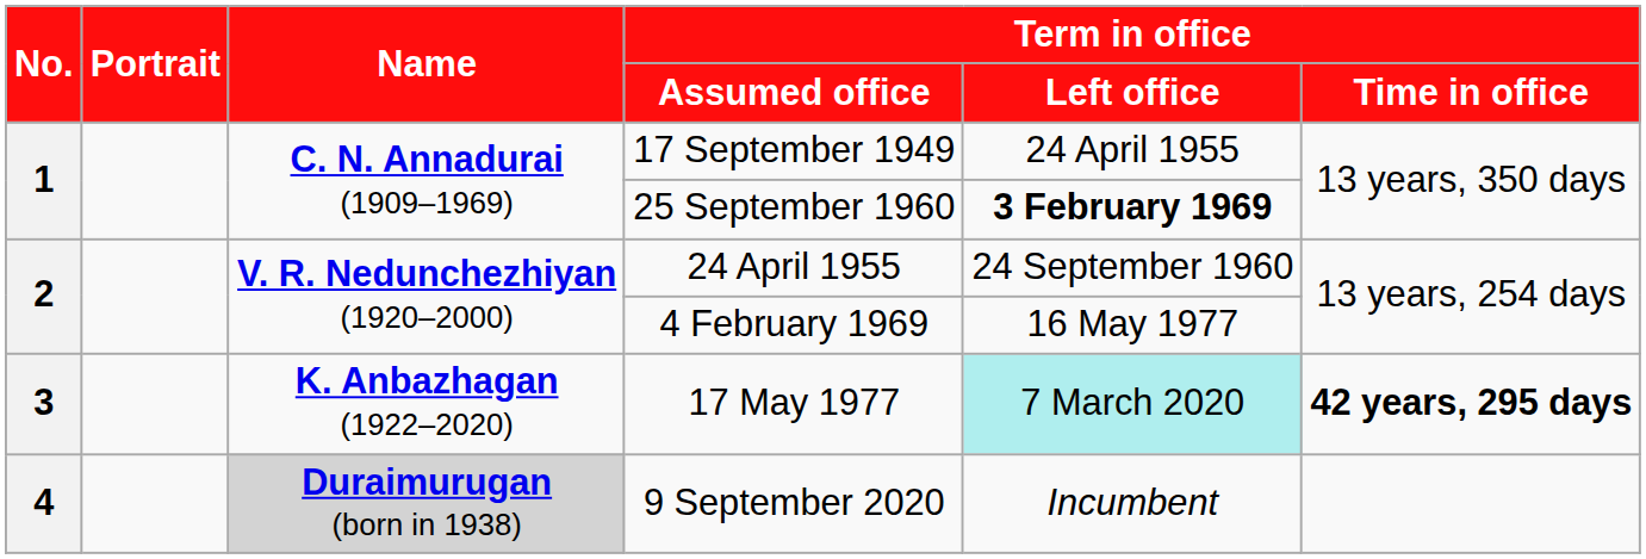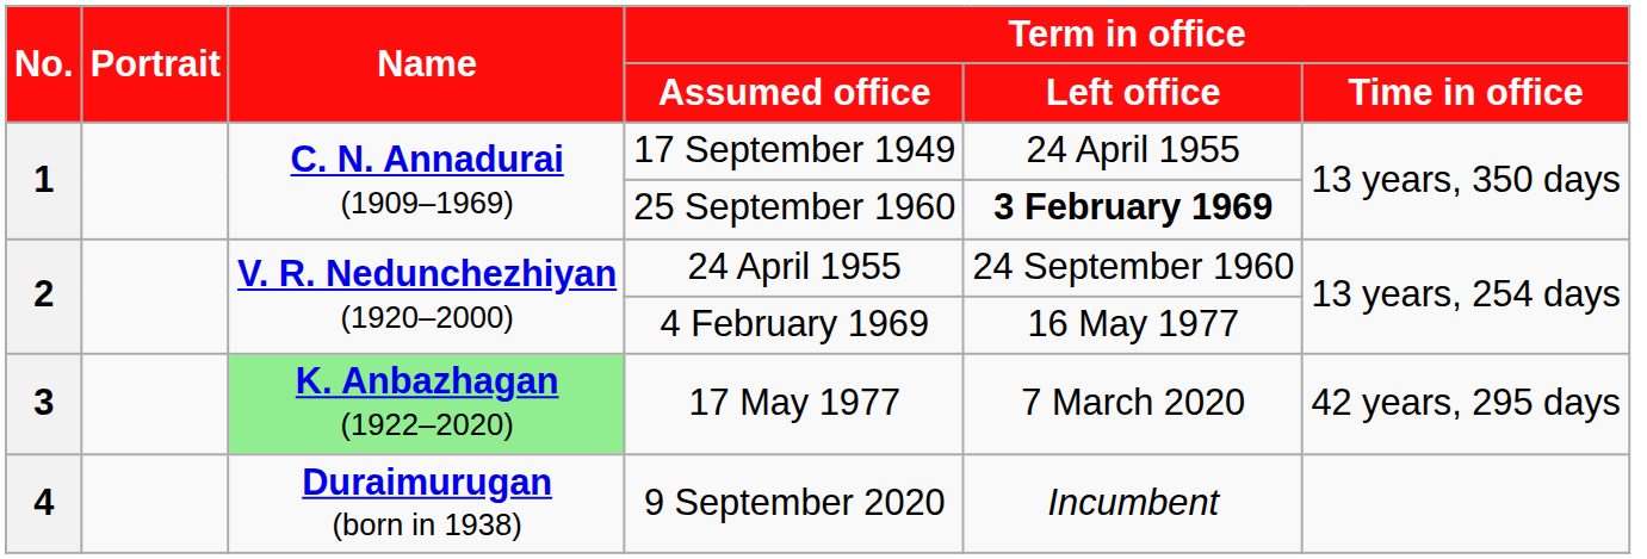 <table class="wikitable sortable" style="text-align:center">
 <tr>
 <th rowspan=2 style="background-color:#FF0D0D;color:white">No.</th>
 <th rowspan=2 style="background-color:#FF0D0D;color:white">Portrait</th>
 <th rowspan=2 style="background-color:#FF0D0D;color:white">Name<br></th>
 <th colspan=3 style="background-color:#FF0D0D;color:white">Term in office</th>
 </tr>
 <tr>
 <th style="background-color:#FF0D0D;color:white">Assumed office</th>
 <th style="background-color:#FF0D0D;color:white">Left office</th>
 <th style="background-color:#FF0D0D;color:white">Time in office</th>
 </tr>
 <tr>
 <th rowspan=2>1</th>
 <td rowspan=2></td>
 <td rowspan=2><strong><a href='#'>C. N. Annadurai</a></strong><br><small>(1909–1969)</small></td>
 <td>17 September 1949</td>
 <td>24 April 1955</td>
 <td rowspan=2>13 years, 350 days</td>
 </tr>
 <tr>
 <td>25 September 1960</td>
 <td><strong>3 February 1969</strong></td>
 </tr>
 <tr>
 <th rowspan=2>2</th>
 <td rowspan=2></td>
 <td rowspan=2><strong><a href='#'>V. R. Nedunchezhiyan</a></strong><br><small>(1920–2000)</small></td>
 <td>24 April 1955</td>
 <td>24 September 1960</td>
 <td rowspan=2>13 years, 254 days</td>
 </tr>
 <tr>
 <td>4 February 1969</td>
 <td>16 May 1977</td>
 </tr>
 <tr>
 <th>3</th>
 <td></td>
-<td><strong><a href='#'>K. Anbazhagan</a></strong><br><small>(1922–2020)</small></td>
+<td style="background: lightgreen;"><strong><a href='#'>K. Anbazhagan</a></strong><br><small>(1922–2020)</small></td>
 <td>17 May 1977</td>
-<td style="background: paleturquoise;">7 March 2020</td>
-<td><strong>42 years, 295 days</strong></td>
+<td>7 March 2020</td>
+<td>42 years, 295 days</td>
 </tr>
 <tr>
 <th>4</th>
 <td></td>
-<td style="background: lightgrey;"><strong><a href='#'>Duraimurugan</a></strong><br><small>(born in 1938)</small></td>
+<td><strong><a href='#'>Duraimurugan</a></strong><br><small>(born in 1938)</small></td>
 <td>9 September 2020</td>
 <td><em>Incumbent</em></td>
 <td></td>
 </tr>
 </table>
